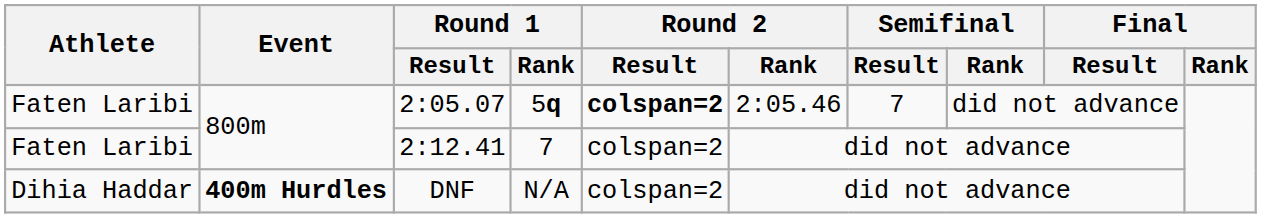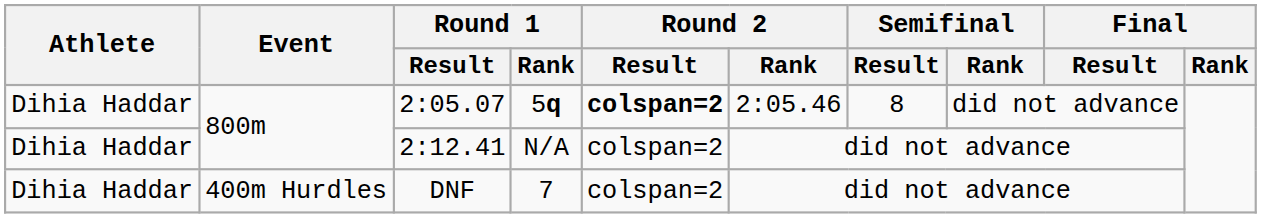 <table class="wikitable" style="font-size:90%">
 <tr>
 <th rowspan="2">Athlete</th>
 <th rowspan="2">Event</th>
 <th colspan="2">Round 1</th>
 <th colspan="2">Round 2</th>
 <th colspan="2">Semifinal</th>
 <th colspan="2">Final</th>
 </tr>
 <tr style="font-size:95%">
 <th>Result</th>
 <th>Rank</th>
 <th>Result</th>
 <th>Rank</th>
 <th>Result</th>
 <th>Rank</th>
 <th>Result</th>
 <th>Rank</th>
 </tr>
 <tr align=center>
-<td align=left>Faten Laribi</td>
+<td align=left>Dihia Haddar</td>
 <td align=left rowspan=2>800m</td>
 <td>2:05.07</td>
 <td>5<strong>q</strong></td>
 <td><strong>colspan=2 </strong></td>
 <td>2:05.46</td>
-<td>7</td>
+<td>8</td>
 <td colspan=2>did not advance</td>
 </tr>
 <tr align=center>
-<td align=left>Faten Laribi</td>
+<td align=left>Dihia Haddar</td>
 <td>2:12.41</td>
-<td>7</td>
+<td>N/A</td>
 <td>colspan=2 </td>
 <td colspan=4>did not advance</td>
 </tr>
 <tr align=center>
 <td align=left>Dihia Haddar</td>
-<td align=left><strong>400m Hurdles</strong></td>
+<td align=left>400m Hurdles</td>
 <td>DNF</td>
-<td>N/A</td>
+<td>7</td>
 <td>colspan=2 </td>
 <td colspan=4>did not advance</td>
 </tr>
 </table>
